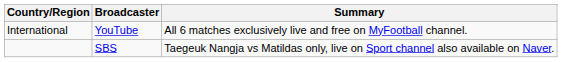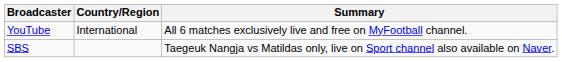 <table class="wikitable">
 <tr>
+<th>Broadcaster</th>
 <th>Country/Region</th>
-<th>Broadcaster</th>
 <th>Summary</th>
 </tr>
 <tr>
+<td><a href='#'>YouTube</a></td>
 <td>International</td>
-<td><a href='#'>YouTube</a></td>
 <td>All 6 matches exclusively live and free on <a href='#'>MyFootball</a> channel.</td>
 </tr>
 <tr>
+<td><a href='#'>SBS</a></td>
 <td></td>
-<td><a href='#'>SBS</a></td>
 <td>Taegeuk Nangja vs Matildas only, live on <a href='#'>Sport channel</a> also available on <a href='#'>Naver</a>.</td>
 </tr>
 </table>
